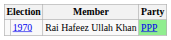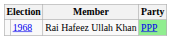 <table class="wikitable">
 <tr>
 <th colspan="2">Election</th>
 <th>Member</th>
 <th>Party</th>
 </tr>
 <tr>
 <td style="background-color: "></td>
-<td><a href='#'>1970</a></td>
+<td><a href='#'>1968</a></td>
 <td>Rai Hafeez Ullah Khan</td>
 <td style="background: lightgreen;"><a href='#'>PPP</a></td>
 </tr>
 </table>
